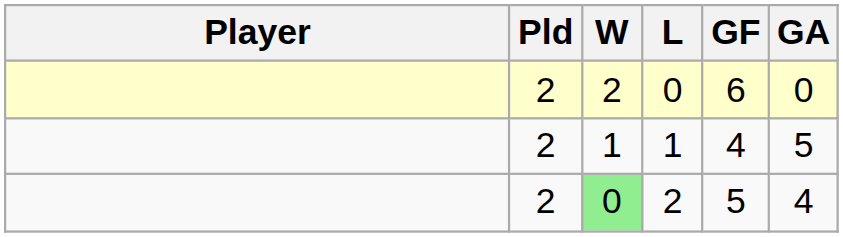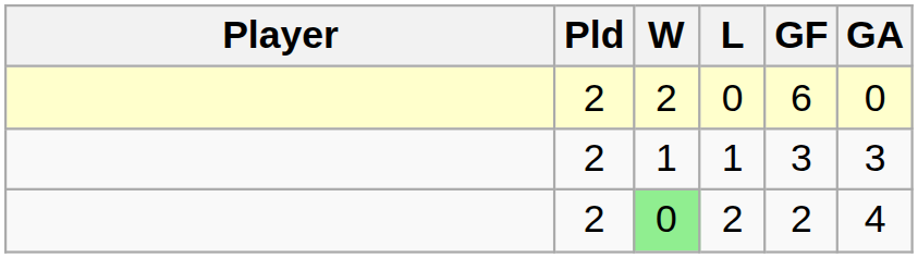 <table class=wikitable style="text-align:center">
 <tr>
 <th width=220>Player</th>
 <th width=20>Pld</th>
 <th width=20>W</th>
 <th width=20>L</th>
 <th width=20>GF</th>
 <th width=20>GA</th>
 </tr>
 <tr bgcolor=#ffffcc>
 <td align=left></td>
 <td>2</td>
 <td>2</td>
 <td>0</td>
 <td>6</td>
 <td>0</td>
 </tr>
 <tr>
 <td align=left></td>
 <td>2</td>
 <td>1</td>
 <td>1</td>
-<td>4</td>
-<td>5</td>
+<td>3</td>
+<td>3</td>
 </tr>
 <tr>
 <td align=left></td>
 <td>2</td>
 <td style="background: lightgreen;">0</td>
 <td>2</td>
-<td>5</td>
+<td>2</td>
 <td>4</td>
 </tr>
 </table>
